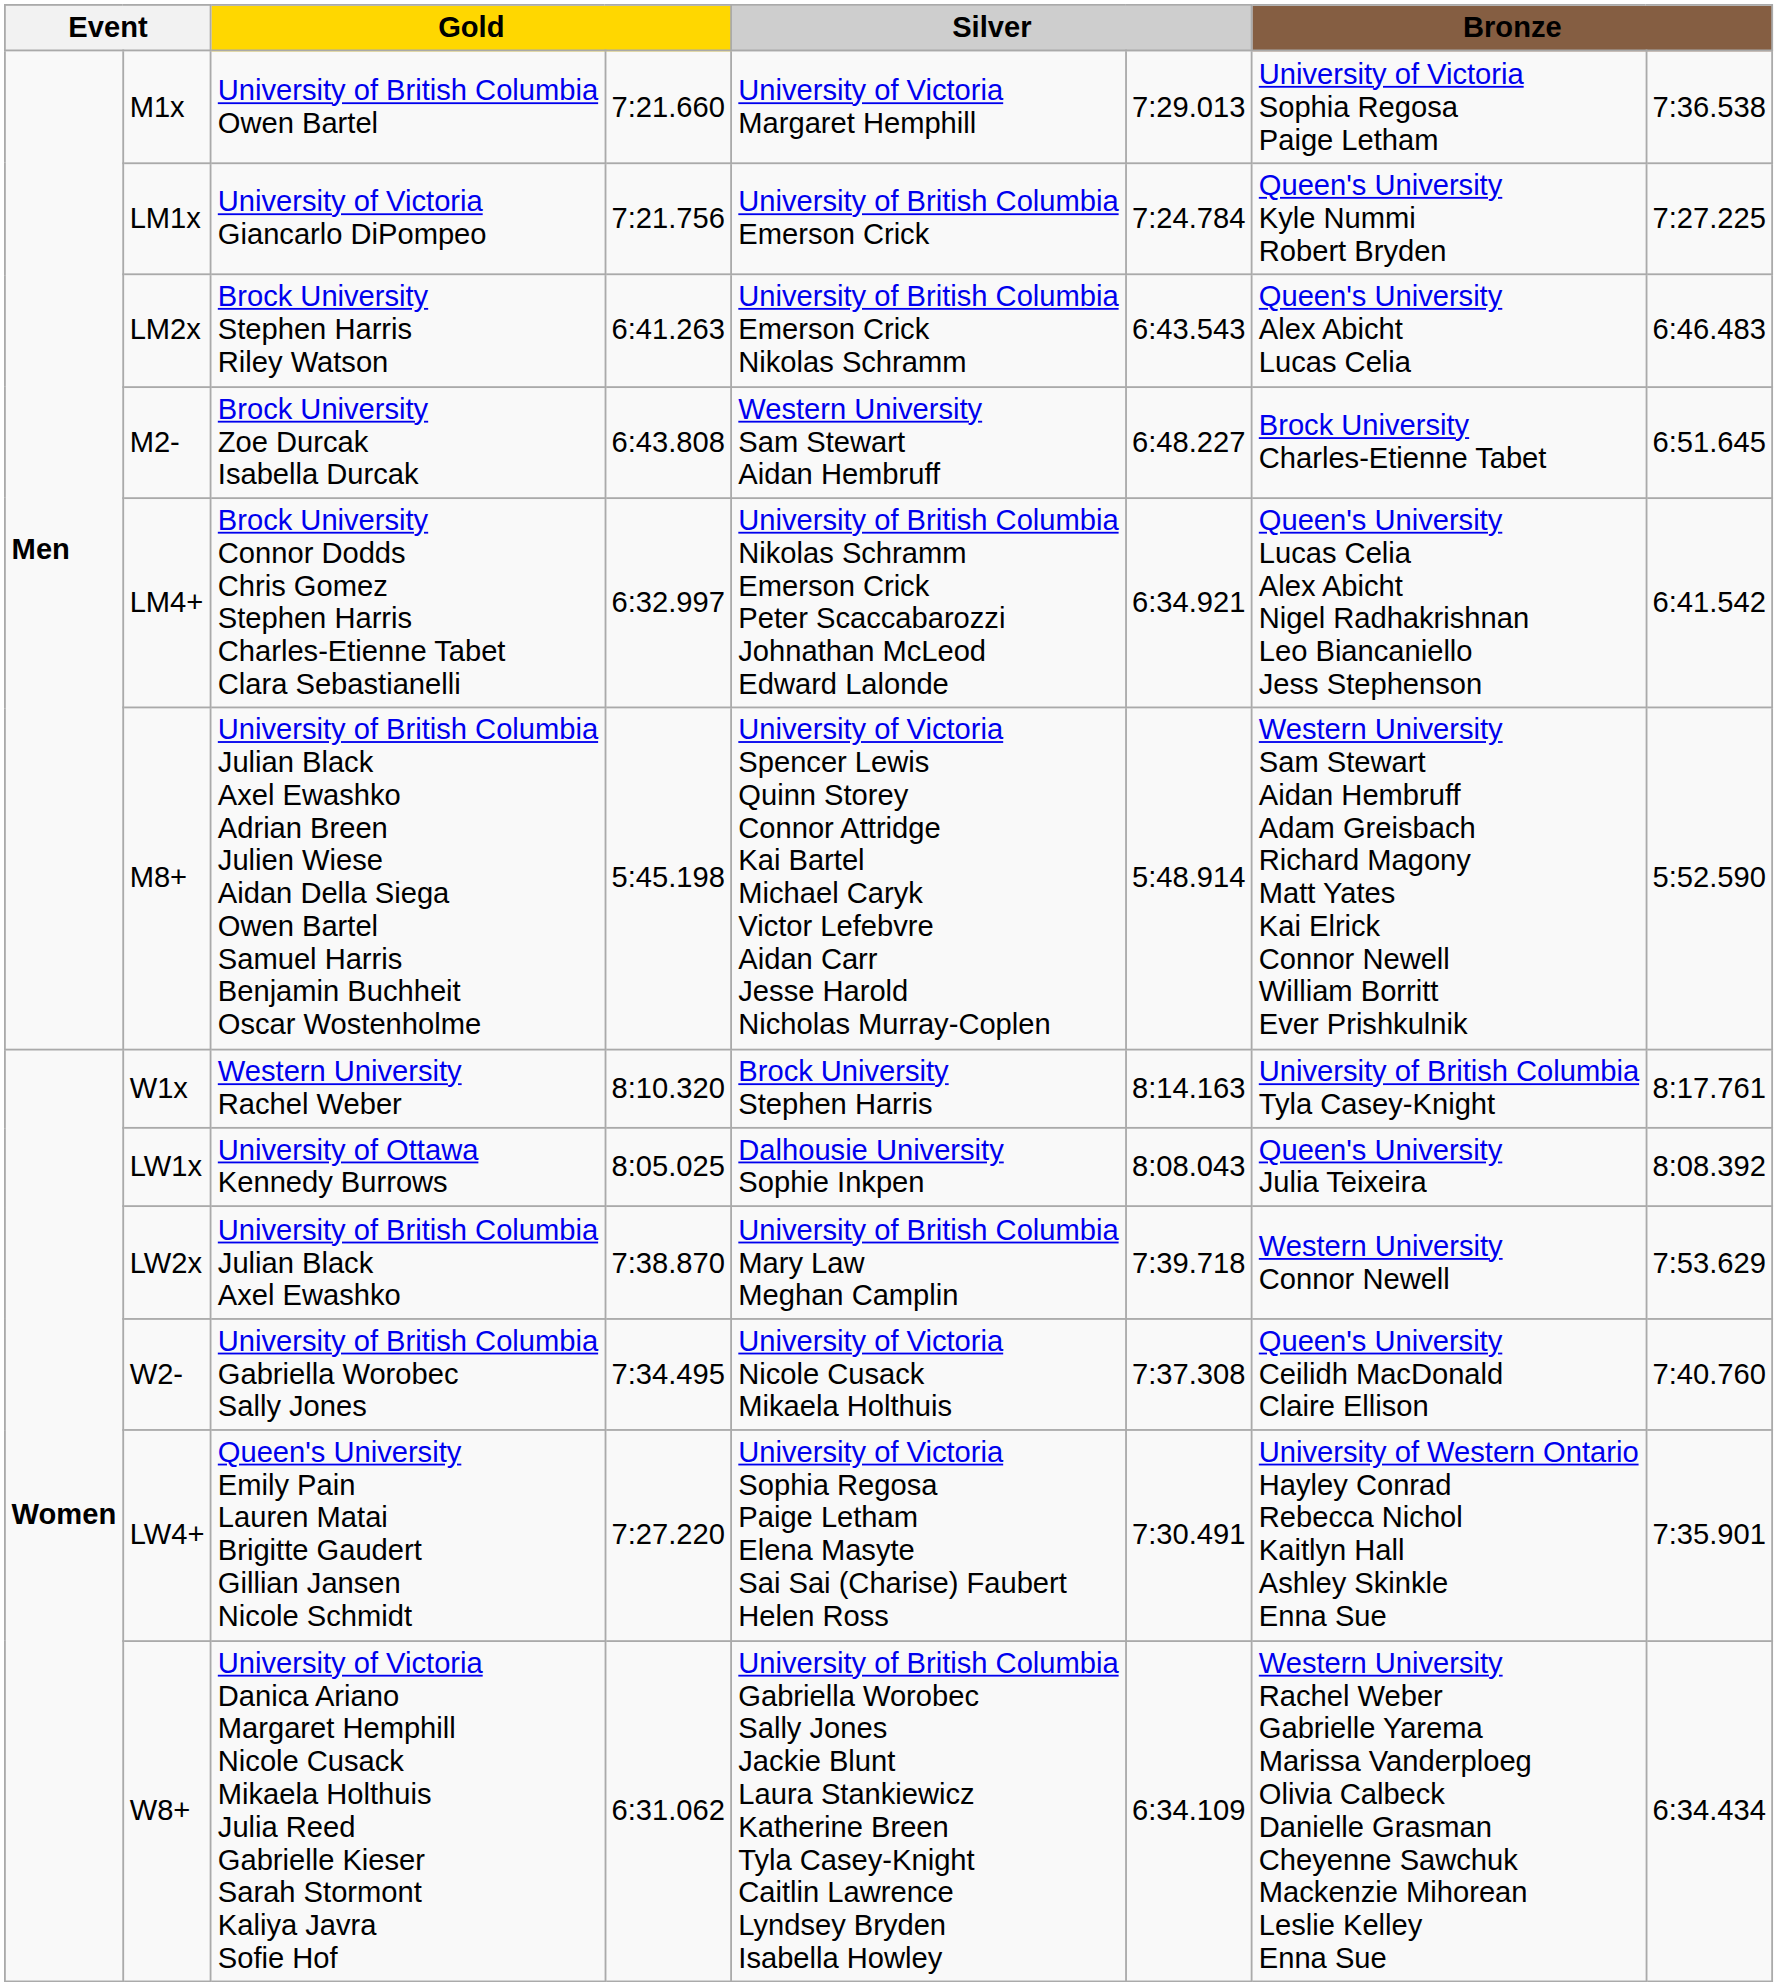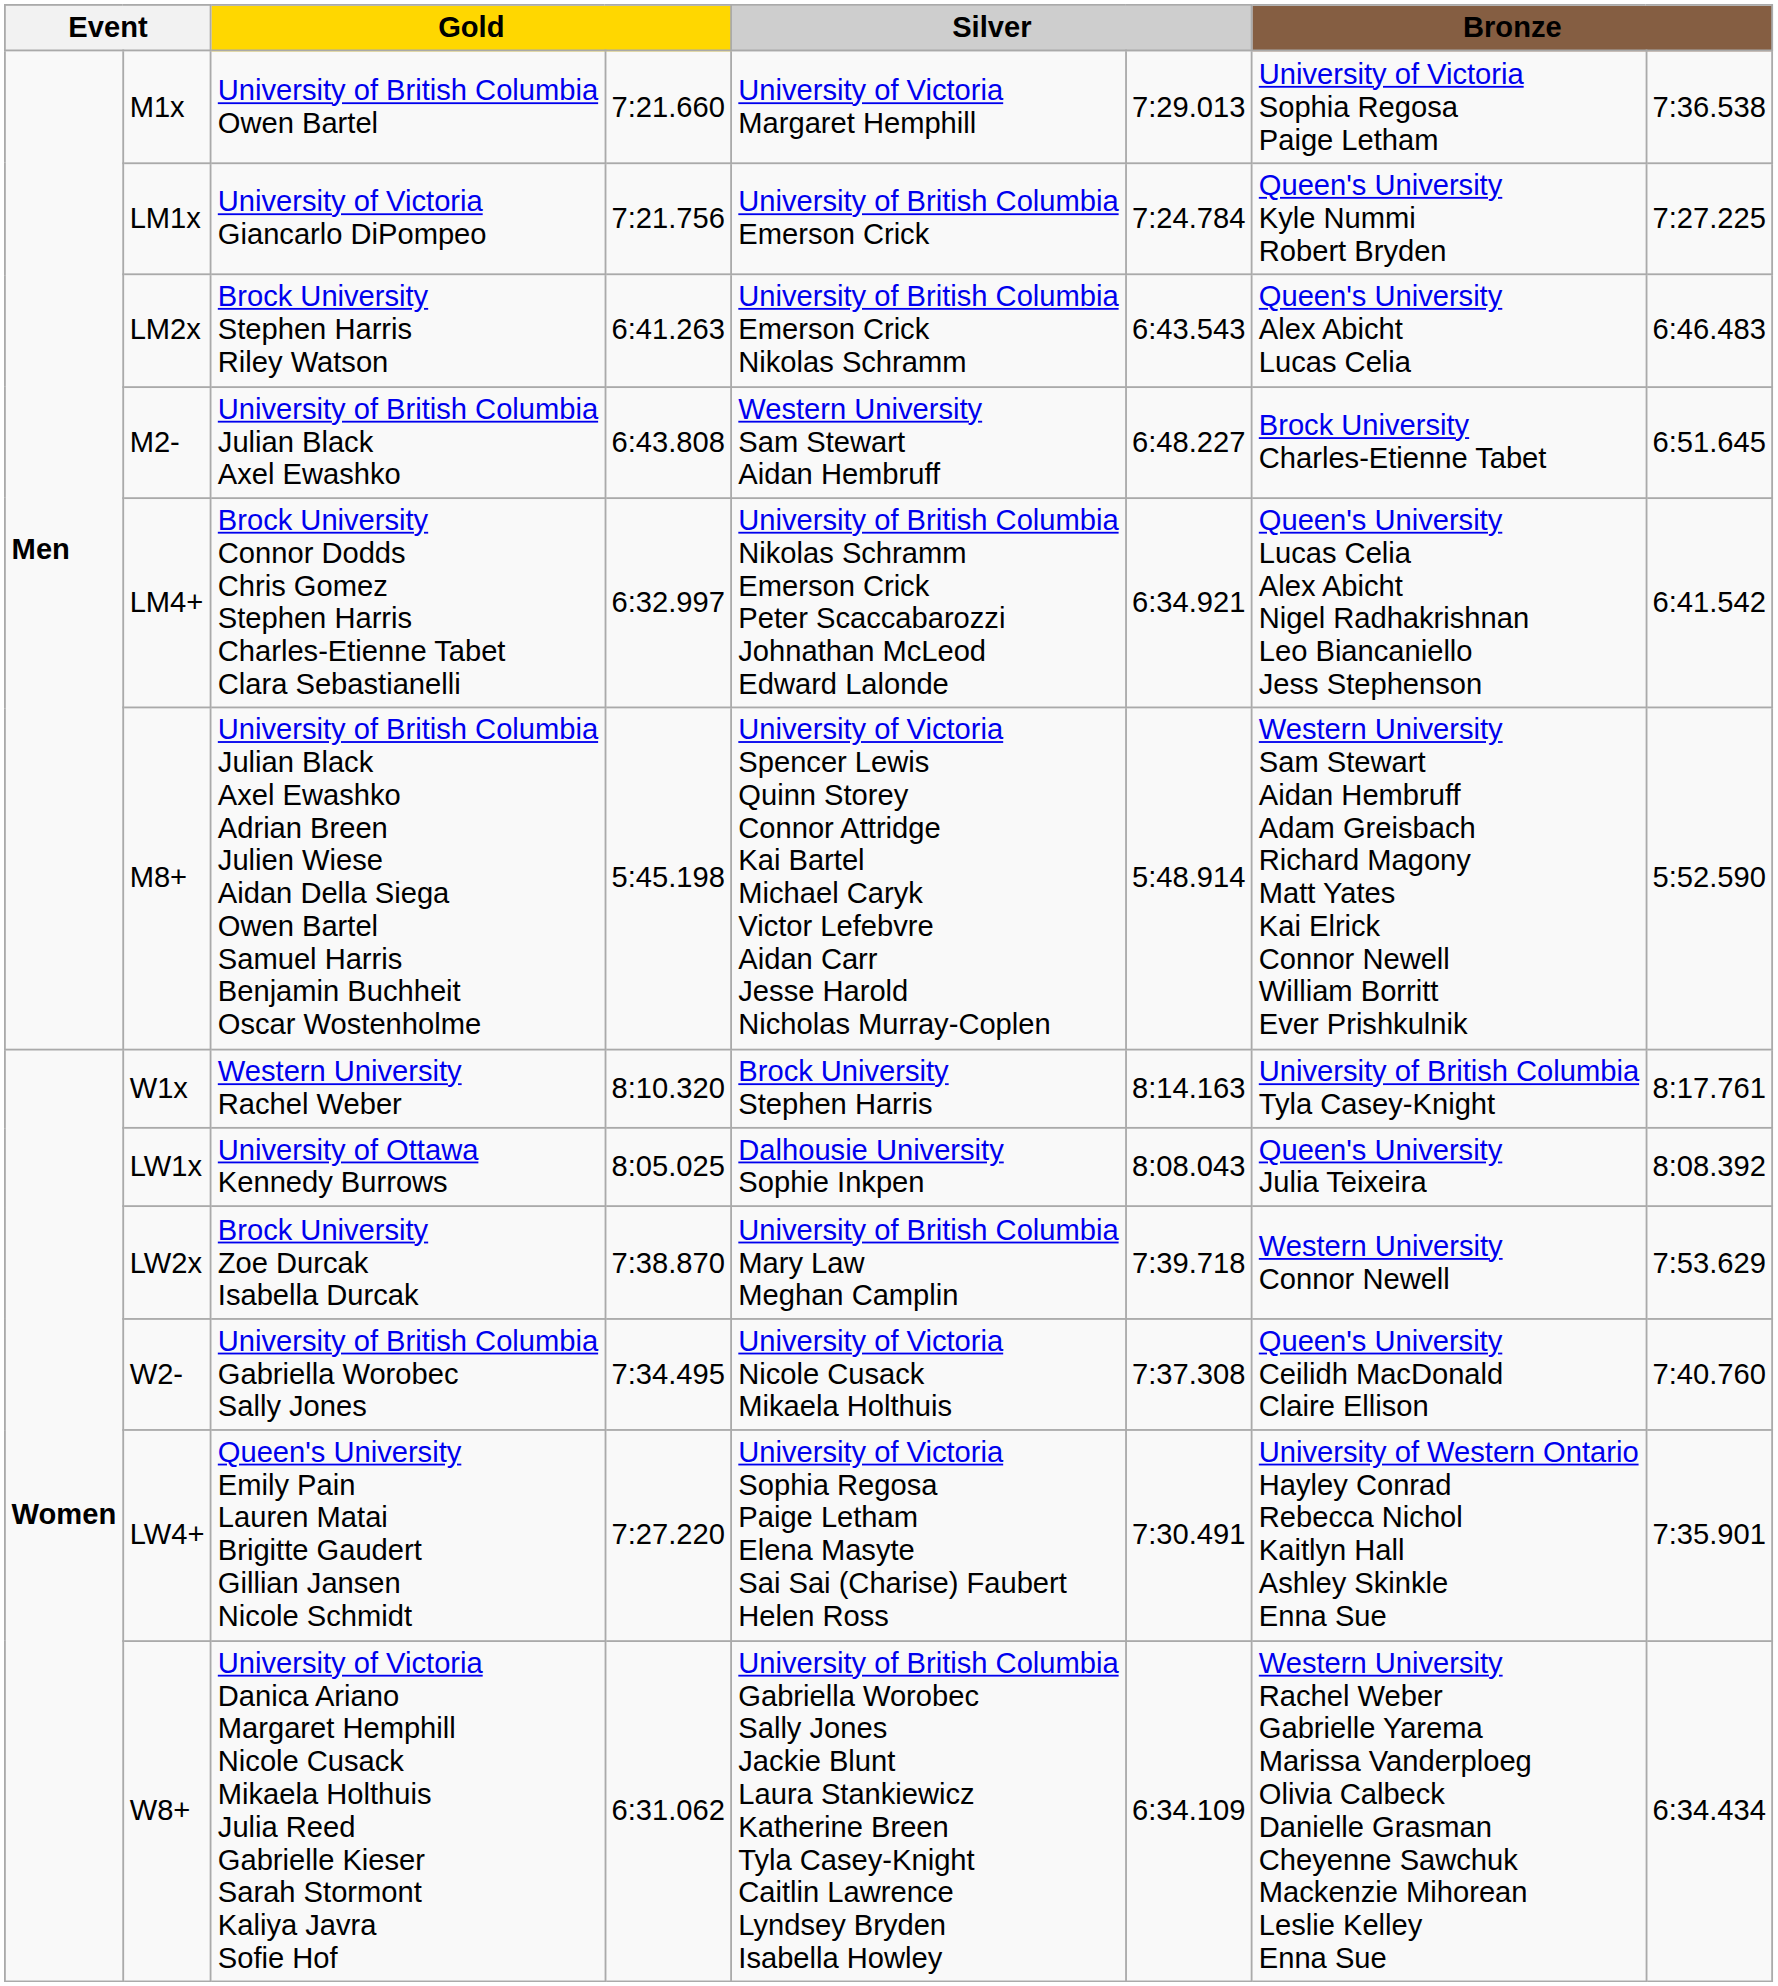 <table class="wikitable mw-collapsible mw-collapsed">
 <tr>
 <th colspan="2">Event</th>
 <th colspan="2" style="background:#FFD700;">Gold</th>
 <th colspan="2" style="background:#CECECE;">Silver</th>
 <th colspan="2" style="background:#855E42;">Bronze</th>
 </tr>
 <tr>
 <td rowspan="6"><strong>Men</strong></td>
 <td>M1x</td>
 <td><a href='#'>University of British Columbia</a><br>Owen Bartel</td>
 <td>7:21.660</td>
 <td><a href='#'>University of Victoria</a><br>Margaret Hemphill</td>
 <td>7:29.013</td>
 <td><a href='#'>University of Victoria</a><br>Sophia Regosa<br>Paige Letham</td>
 <td>7:36.538</td>
 </tr>
 <tr>
 <td>LM1x</td>
 <td><a href='#'>University of Victoria</a><br>Giancarlo DiPompeo</td>
 <td>7:21.756</td>
 <td><a href='#'>University of British Columbia</a><br>Emerson Crick</td>
 <td>7:24.784</td>
 <td><a href='#'>Queen's University</a><br>Kyle Nummi<br>Robert Bryden</td>
 <td>7:27.225</td>
 </tr>
 <tr>
 <td>LM2x</td>
 <td><a href='#'>Brock University</a><br>Stephen Harris<br>Riley Watson</td>
 <td>6:41.263</td>
 <td><a href='#'>University of British Columbia</a><br>Emerson Crick<br>Nikolas Schramm</td>
 <td>6:43.543</td>
 <td><a href='#'>Queen's University</a><br>Alex Abicht<br>Lucas Celia</td>
 <td>6:46.483</td>
 </tr>
 <tr>
 <td>M2-</td>
-<td><a href='#'>Brock University</a><br>Zoe Durcak<br>Isabella Durcak</td>
+<td><a href='#'>University of British Columbia</a><br>Julian Black<br>Axel Ewashko</td>
 <td>6:43.808</td>
 <td><a href='#'>Western University</a><br>Sam Stewart<br>Aidan Hembruff</td>
 <td>6:48.227</td>
 <td><a href='#'>Brock University</a><br>Charles-Etienne Tabet</td>
 <td>6:51.645</td>
 </tr>
 <tr>
 <td>LM4+</td>
 <td><a href='#'>Brock University</a><br>Connor Dodds<br>Chris Gomez<br>Stephen Harris<br>Charles-Etienne Tabet<br>Clara Sebastianelli</td>
 <td>6:32.997</td>
 <td><a href='#'>University of British Columbia</a><br>Nikolas Schramm<br>Emerson Crick<br>Peter Scaccabarozzi<br>Johnathan McLeod<br>Edward Lalonde</td>
 <td>6:34.921</td>
 <td><a href='#'>Queen's University</a><br>Lucas Celia<br>Alex Abicht<br>Nigel Radhakrishnan<br>Leo Biancaniello<br>Jess Stephenson</td>
 <td>6:41.542</td>
 </tr>
 <tr>
 <td>M8+</td>
 <td><a href='#'>University of British Columbia</a><br>Julian Black<br>Axel Ewashko<br>Adrian Breen<br>Julien Wiese<br>Aidan Della Siega<br>Owen Bartel<br>Samuel Harris<br>Benjamin Buchheit<br>Oscar Wostenholme</td>
 <td>5:45.198</td>
 <td><a href='#'>University of Victoria</a><br>Spencer Lewis<br>Quinn Storey<br>Connor Attridge<br>Kai Bartel<br>Michael Caryk<br>Victor Lefebvre<br>Aidan Carr<br>Jesse Harold<br>Nicholas Murray-Coplen</td>
 <td>5:48.914</td>
 <td><a href='#'>Western University</a><br>Sam Stewart<br>Aidan Hembruff<br>Adam Greisbach<br>Richard Magony<br>Matt Yates<br>Kai Elrick<br>Connor Newell<br>William Borritt<br>Ever Prishkulnik</td>
 <td>5:52.590</td>
 </tr>
 <tr>
 <td rowspan="6"><strong>Women</strong></td>
 <td>W1x</td>
 <td><a href='#'>Western University</a><br>Rachel Weber</td>
 <td>8:10.320</td>
 <td><a href='#'>Brock University</a><br>Stephen Harris</td>
 <td>8:14.163</td>
 <td><a href='#'>University of British Columbia</a><br>Tyla Casey-Knight</td>
 <td>8:17.761</td>
 </tr>
 <tr>
 <td>LW1x</td>
 <td><a href='#'>University of Ottawa</a><br>Kennedy Burrows</td>
 <td>8:05.025</td>
 <td><a href='#'>Dalhousie University</a><br>Sophie Inkpen</td>
 <td>8:08.043</td>
 <td><a href='#'>Queen's University</a><br>Julia Teixeira</td>
 <td>8:08.392</td>
 </tr>
 <tr>
 <td>LW2x</td>
-<td><a href='#'>University of British Columbia</a><br>Julian Black<br>Axel Ewashko</td>
+<td><a href='#'>Brock University</a><br>Zoe Durcak<br>Isabella Durcak</td>
 <td>7:38.870</td>
 <td><a href='#'>University of British Columbia</a><br>Mary Law<br>Meghan Camplin</td>
 <td>7:39.718</td>
 <td><a href='#'>Western University</a><br>Connor Newell</td>
 <td>7:53.629</td>
 </tr>
 <tr>
 <td>W2-</td>
 <td><a href='#'>University of British Columbia</a><br>Gabriella Worobec<br>Sally Jones</td>
 <td>7:34.495</td>
 <td><a href='#'>University of Victoria</a><br>Nicole Cusack<br>Mikaela Holthuis</td>
 <td>7:37.308</td>
 <td><a href='#'>Queen's University</a><br>Ceilidh MacDonald<br>Claire Ellison</td>
 <td>7:40.760</td>
 </tr>
 <tr>
 <td>LW4+</td>
 <td><a href='#'>Queen's University</a><br>Emily Pain<br>Lauren Matai<br>Brigitte Gaudert<br>Gillian Jansen<br>Nicole Schmidt</td>
 <td>7:27.220</td>
 <td><a href='#'>University of Victoria</a><br>Sophia Regosa<br>Paige Letham<br>Elena Masyte<br>Sai Sai (Charise) Faubert<br>Helen Ross</td>
 <td>7:30.491</td>
 <td><a href='#'>University of Western Ontario</a><br>Hayley Conrad<br>Rebecca Nichol<br>Kaitlyn Hall<br>Ashley Skinkle<br>Enna Sue</td>
 <td>7:35.901</td>
 </tr>
 <tr>
 <td>W8+</td>
 <td><a href='#'>University of Victoria</a><br>Danica Ariano<br>Margaret Hemphill<br>Nicole Cusack<br>Mikaela Holthuis<br>Julia Reed<br>Gabrielle Kieser<br>Sarah Stormont<br>Kaliya Javra<br>Sofie Hof</td>
 <td>6:31.062</td>
 <td><a href='#'>University of British Columbia</a><br>Gabriella Worobec<br>Sally Jones<br>Jackie Blunt<br>Laura Stankiewicz<br>Katherine Breen<br>Tyla Casey-Knight<br>Caitlin Lawrence<br>Lyndsey Bryden<br>Isabella Howley</td>
 <td>6:34.109</td>
 <td><a href='#'>Western University</a><br>Rachel Weber<br>Gabrielle Yarema<br>Marissa Vanderploeg<br>Olivia Calbeck<br>Danielle Grasman<br>Cheyenne Sawchuk<br>Mackenzie Mihorean<br>Leslie Kelley<br>Enna Sue</td>
 <td>6:34.434</td>
 </tr>
 </table>
